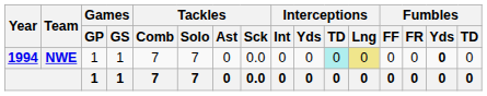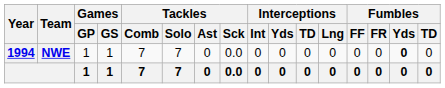 <table class="wikitable" style="text-align:center">
 <tr>
 <th rowspan="2">Year</th>
 <th rowspan="2">Team</th>
 <th colspan="2">Games</th>
 <th colspan="4">Tackles</th>
 <th colspan="4">Interceptions</th>
 <th colspan="4">Fumbles</th>
 </tr>
 <tr>
 <th>GP</th>
 <th>GS</th>
 <th>Comb</th>
 <th>Solo</th>
 <th>Ast</th>
 <th>Sck</th>
 <th>Int</th>
 <th>Yds</th>
 <th>TD</th>
 <th>Lng</th>
 <th>FF</th>
 <th>FR</th>
 <th>Yds</th>
 <th>TD</th>
 </tr>
 <tr>
 <th><a href='#'>1994</a></th>
 <th><a href='#'>NWE</a></th>
 <td>1</td>
 <td>1</td>
 <td>7</td>
 <td>7</td>
 <td>0</td>
 <td>0.0</td>
 <td>0</td>
 <td>0</td>
-<td style="background: paleturquoise;">0</td>
-<td style="background: khaki;">0</td>
+<td>0</td>
+<td>0</td>
 <td>0</td>
 <td>0</td>
 <td><strong>0</strong></td>
 <td>0</td>
 </tr>
 <tr>
 <th colspan="2"></th>
 <th>1</th>
 <th>1</th>
 <th>7</th>
 <th>7</th>
 <th>0</th>
 <th>0.0</th>
 <th>0</th>
 <th>0</th>
 <th>0</th>
 <th>0</th>
 <th>0</th>
 <th>0</th>
 <th>0</th>
 <th>0</th>
 </tr>
 </table>
